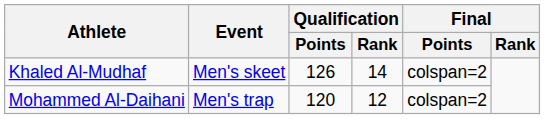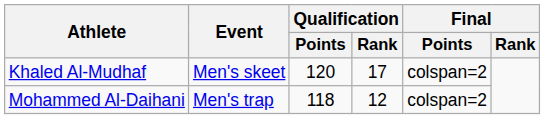 <table class="wikitable" style="font-size:90%">
 <tr>
 <th rowspan="2">Athlete</th>
 <th rowspan="2">Event</th>
 <th colspan=2>Qualification</th>
 <th colspan=2>Final</th>
 </tr>
 <tr style="font-size:95%">
 <th>Points</th>
 <th>Rank</th>
 <th>Points</th>
 <th>Rank</th>
 </tr>
 <tr align=center>
 <td align=left><a href='#'>Khaled Al-Mudhaf</a></td>
 <td align=left><a href='#'>Men's skeet</a></td>
-<td>126</td>
-<td>14</td>
+<td>120</td>
+<td>17</td>
 <td>colspan=2 </td>
 </tr>
 <tr align=center>
 <td align=left><a href='#'>Mohammed Al-Daihani</a></td>
 <td align=left><a href='#'>Men's trap</a></td>
-<td>120</td>
+<td>118</td>
 <td>12</td>
 <td>colspan=2 </td>
 </tr>
 </table>
